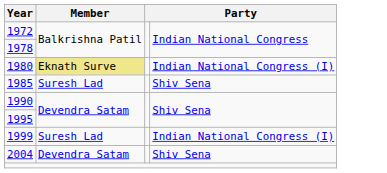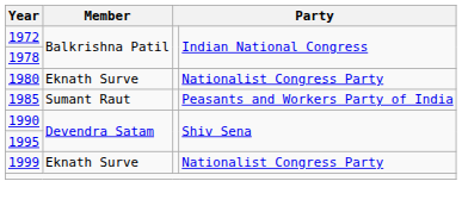 <table class="wikitable">
 <tr>
 <th>Year</th>
 <th>Member</th>
 <th colspan="2">Party</th>
 </tr>
 <tr>
 <td><a href='#'>1972</a></td>
 <td rowspan="2">Balkrishna Patil</td>
 <td rowspan="2" style="background-color: "></td>
 <td rowspan="2"><a href='#'>Indian National Congress</a></td>
 </tr>
 <tr>
 <td><a href='#'>1978</a></td>
 </tr>
 <tr>
 <td><a href='#'>1980</a></td>
-<td style="background: khaki;">Eknath Surve</td>
+<td>Eknath Surve</td>
 <td style="background-color: "></td>
-<td><a href='#'>Indian National Congress (I)</a></td>
+<td><a href='#'>Nationalist Congress Party</a></td>
 </tr>
 <tr>
 <td><a href='#'>1985</a></td>
-<td><a href='#'>Suresh Lad</a></td>
+<td>Sumant Raut</td>
 <td style="background-color: "></td>
-<td><a href='#'>Shiv Sena</a></td>
+<td><a href='#'>Peasants and Workers Party of India</a></td>
 </tr>
 <tr>
 <td><a href='#'>1990</a></td>
 <td rowspan="2"><a href='#'>Devendra Satam</a></td>
 <td rowspan="2" style="background-color: "></td>
 <td rowspan="2"><a href='#'>Shiv Sena</a></td>
 </tr>
 <tr>
 <td><a href='#'>1995</a></td>
 </tr>
 <tr>
 <td><a href='#'>1999</a></td>
-<td><a href='#'>Suresh Lad</a></td>
+<td>Eknath Surve</td>
 <td style="background-color: "></td>
-<td><a href='#'>Indian National Congress (I)</a></td>
-</tr>
-<tr>
-<td><a href='#'>2004</a></td>
-<td><a href='#'>Devendra Satam</a></td>
-<td style="background-color: "></td>
-<td><a href='#'>Shiv Sena</a></td>
+<td><a href='#'>Nationalist Congress Party</a></td>
 </tr>
 <tr>
 <td colspan="4"></td>
 </tr>
 </table>
